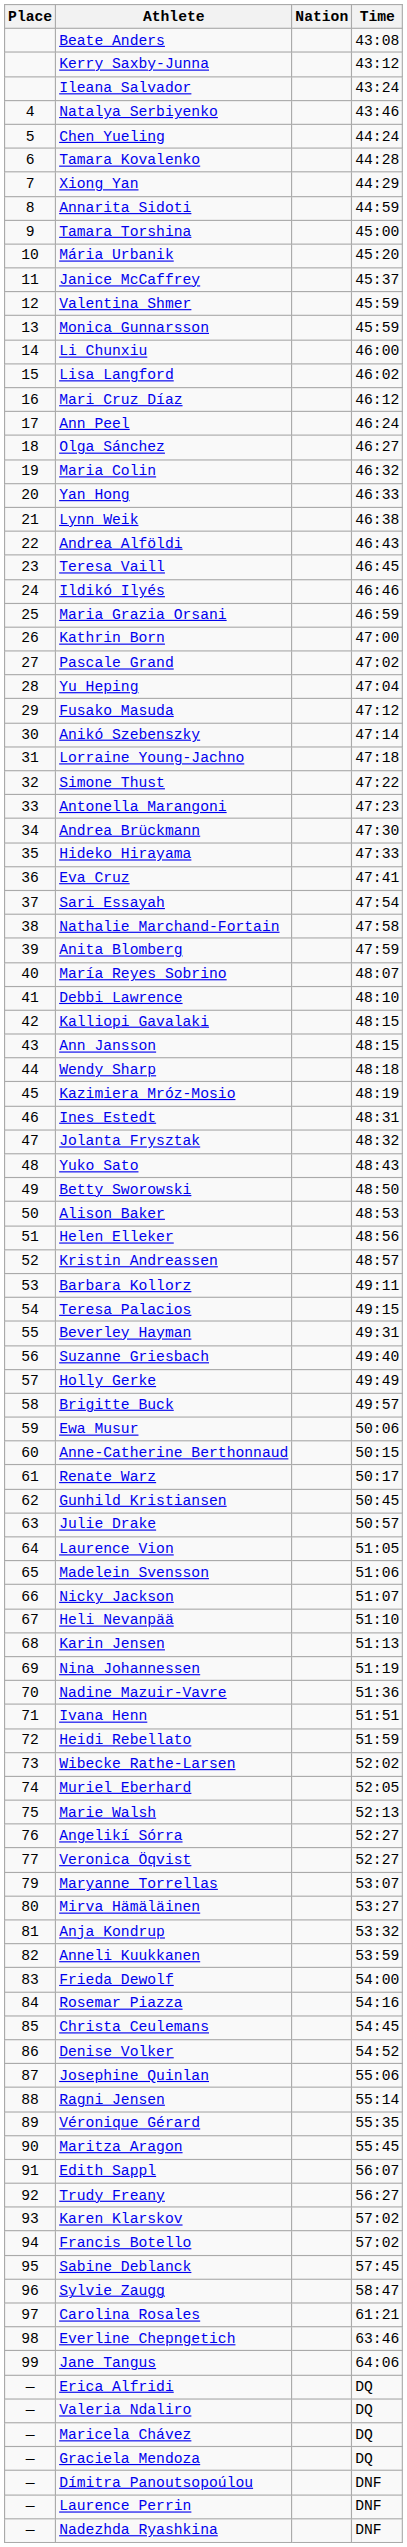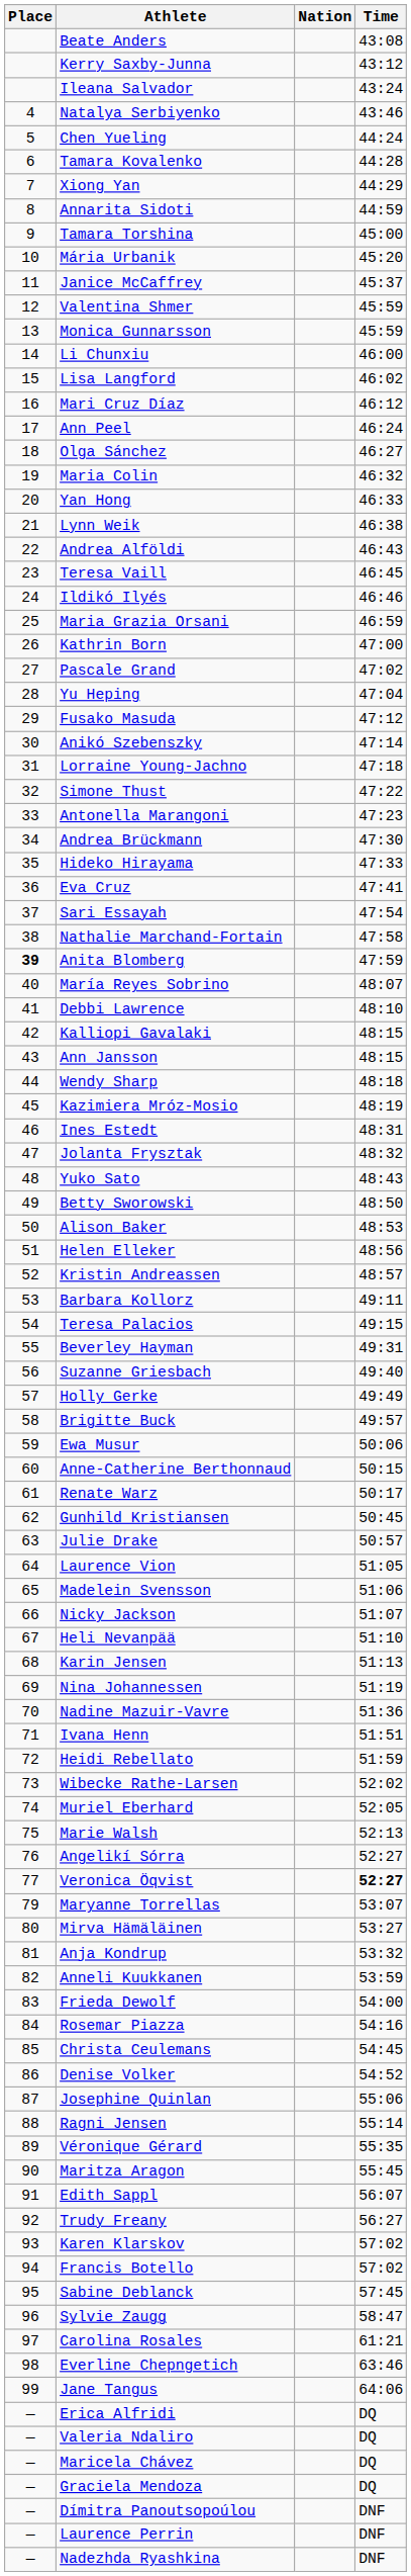 <table class="wikitable sortable">
 <tr>
 <th>Place</th>
 <th>Athlete</th>
 <th>Nation</th>
 <th>Time</th>
 </tr>
 <tr>
 <td align=center></td>
 <td><a href='#'>Beate Anders</a></td>
 <td></td>
 <td>43:08</td>
 </tr>
 <tr>
 <td align=center></td>
 <td><a href='#'>Kerry Saxby-Junna</a></td>
 <td></td>
 <td>43:12</td>
 </tr>
 <tr>
 <td align=center></td>
 <td><a href='#'>Ileana Salvador</a></td>
 <td></td>
 <td>43:24</td>
 </tr>
 <tr>
 <td align=center>4</td>
 <td><a href='#'>Natalya Serbiyenko</a></td>
 <td></td>
 <td>43:46</td>
 </tr>
 <tr>
 <td align=center>5</td>
 <td><a href='#'>Chen Yueling</a></td>
 <td></td>
 <td>44:24</td>
 </tr>
 <tr>
 <td align=center>6</td>
 <td><a href='#'>Tamara Kovalenko</a></td>
 <td></td>
 <td>44:28</td>
 </tr>
 <tr>
 <td align=center>7</td>
 <td><a href='#'>Xiong Yan</a></td>
 <td></td>
 <td>44:29</td>
 </tr>
 <tr>
 <td align=center>8</td>
 <td><a href='#'>Annarita Sidoti</a></td>
 <td></td>
 <td>44:59</td>
 </tr>
 <tr>
 <td align=center>9</td>
 <td><a href='#'>Tamara Torshina</a></td>
 <td></td>
 <td>45:00</td>
 </tr>
 <tr>
 <td align=center>10</td>
 <td><a href='#'>Mária Urbanik</a></td>
 <td></td>
 <td>45:20</td>
 </tr>
 <tr>
 <td align=center>11</td>
 <td><a href='#'>Janice McCaffrey</a></td>
 <td></td>
 <td>45:37</td>
 </tr>
 <tr>
 <td align=center>12</td>
 <td><a href='#'>Valentina Shmer</a></td>
 <td></td>
 <td>45:59</td>
 </tr>
 <tr>
 <td align=center>13</td>
 <td><a href='#'>Monica Gunnarsson</a></td>
 <td></td>
 <td>45:59</td>
 </tr>
 <tr>
 <td align=center>14</td>
 <td><a href='#'>Li Chunxiu</a></td>
 <td></td>
 <td>46:00</td>
 </tr>
 <tr>
 <td align=center>15</td>
 <td><a href='#'>Lisa Langford</a></td>
 <td></td>
 <td>46:02</td>
 </tr>
 <tr>
 <td align=center>16</td>
 <td><a href='#'>Mari Cruz Díaz</a></td>
 <td></td>
 <td>46:12</td>
 </tr>
 <tr>
 <td align=center>17</td>
 <td><a href='#'>Ann Peel</a></td>
 <td></td>
 <td>46:24</td>
 </tr>
 <tr>
 <td align=center>18</td>
 <td><a href='#'>Olga Sánchez</a></td>
 <td></td>
 <td>46:27</td>
 </tr>
 <tr>
 <td align=center>19</td>
 <td><a href='#'>Maria Colin</a></td>
 <td></td>
 <td>46:32</td>
 </tr>
 <tr>
 <td align=center>20</td>
 <td><a href='#'>Yan Hong</a></td>
 <td></td>
 <td>46:33</td>
 </tr>
 <tr>
 <td align=center>21</td>
 <td><a href='#'>Lynn Weik</a></td>
 <td></td>
 <td>46:38</td>
 </tr>
 <tr>
 <td align=center>22</td>
 <td><a href='#'>Andrea Alföldi</a></td>
 <td></td>
 <td>46:43</td>
 </tr>
 <tr>
 <td align=center>23</td>
 <td><a href='#'>Teresa Vaill</a></td>
 <td></td>
 <td>46:45</td>
 </tr>
 <tr>
 <td align=center>24</td>
 <td><a href='#'>Ildikó Ilyés</a></td>
 <td></td>
 <td>46:46</td>
 </tr>
 <tr>
 <td align=center>25</td>
 <td><a href='#'>Maria Grazia Orsani</a></td>
 <td></td>
 <td>46:59</td>
 </tr>
 <tr>
 <td align=center>26</td>
 <td><a href='#'>Kathrin Born</a></td>
 <td></td>
 <td>47:00</td>
 </tr>
 <tr>
 <td align=center>27</td>
 <td><a href='#'>Pascale Grand</a></td>
 <td></td>
 <td>47:02</td>
 </tr>
 <tr>
 <td align=center>28</td>
 <td><a href='#'>Yu Heping</a></td>
 <td></td>
 <td>47:04</td>
 </tr>
 <tr>
 <td align=center>29</td>
 <td><a href='#'>Fusako Masuda</a></td>
 <td></td>
 <td>47:12</td>
 </tr>
 <tr>
 <td align=center>30</td>
 <td><a href='#'>Anikó Szebenszky</a></td>
 <td></td>
 <td>47:14</td>
 </tr>
 <tr>
 <td align=center>31</td>
 <td><a href='#'>Lorraine Young-Jachno</a></td>
 <td></td>
 <td>47:18</td>
 </tr>
 <tr>
 <td align=center>32</td>
 <td><a href='#'>Simone Thust</a></td>
 <td></td>
 <td>47:22</td>
 </tr>
 <tr>
 <td align=center>33</td>
 <td><a href='#'>Antonella Marangoni</a></td>
 <td></td>
 <td>47:23</td>
 </tr>
 <tr>
 <td align=center>34</td>
 <td><a href='#'>Andrea Brückmann</a></td>
 <td></td>
 <td>47:30</td>
 </tr>
 <tr>
 <td align=center>35</td>
 <td><a href='#'>Hideko Hirayama</a></td>
 <td></td>
 <td>47:33</td>
 </tr>
 <tr>
 <td align=center>36</td>
 <td><a href='#'>Eva Cruz</a></td>
 <td></td>
 <td>47:41</td>
 </tr>
 <tr>
 <td align=center>37</td>
 <td><a href='#'>Sari Essayah</a></td>
 <td></td>
 <td>47:54</td>
 </tr>
 <tr>
 <td align=center>38</td>
 <td><a href='#'>Nathalie Marchand-Fortain</a></td>
 <td></td>
 <td>47:58</td>
 </tr>
 <tr>
-<td align=center>39</td>
+<td align=center><strong>39</strong></td>
 <td><a href='#'>Anita Blomberg</a></td>
 <td></td>
 <td>47:59</td>
 </tr>
 <tr>
 <td align=center>40</td>
 <td><a href='#'>María Reyes Sobrino</a></td>
 <td></td>
 <td>48:07</td>
 </tr>
 <tr>
 <td align=center>41</td>
 <td><a href='#'>Debbi Lawrence</a></td>
 <td></td>
 <td>48:10</td>
 </tr>
 <tr>
 <td align=center>42</td>
 <td><a href='#'>Kalliopi Gavalaki</a></td>
 <td></td>
 <td>48:15</td>
 </tr>
 <tr>
 <td align=center>43</td>
 <td><a href='#'>Ann Jansson</a></td>
 <td></td>
 <td>48:15</td>
 </tr>
 <tr>
 <td align=center>44</td>
 <td><a href='#'>Wendy Sharp</a></td>
 <td></td>
 <td>48:18</td>
 </tr>
 <tr>
 <td align=center>45</td>
 <td><a href='#'>Kazimiera Mróz-Mosio</a></td>
 <td></td>
 <td>48:19</td>
 </tr>
 <tr>
 <td align=center>46</td>
 <td><a href='#'>Ines Estedt</a></td>
 <td></td>
 <td>48:31</td>
 </tr>
 <tr>
 <td align=center>47</td>
 <td><a href='#'>Jolanta Frysztak</a></td>
 <td></td>
 <td>48:32</td>
 </tr>
 <tr>
 <td align=center>48</td>
 <td><a href='#'>Yuko Sato</a></td>
 <td></td>
 <td>48:43</td>
 </tr>
 <tr>
 <td align=center>49</td>
 <td><a href='#'>Betty Sworowski</a></td>
 <td></td>
 <td>48:50</td>
 </tr>
 <tr>
 <td align=center>50</td>
 <td><a href='#'>Alison Baker</a></td>
 <td></td>
 <td>48:53</td>
 </tr>
 <tr>
 <td align=center>51</td>
 <td><a href='#'>Helen Elleker</a></td>
 <td></td>
 <td>48:56</td>
 </tr>
 <tr>
 <td align=center>52</td>
 <td><a href='#'>Kristin Andreassen</a></td>
 <td></td>
 <td>48:57</td>
 </tr>
 <tr>
 <td align=center>53</td>
 <td><a href='#'>Barbara Kollorz</a></td>
 <td></td>
 <td>49:11</td>
 </tr>
 <tr>
 <td align=center>54</td>
 <td><a href='#'>Teresa Palacios</a></td>
 <td></td>
 <td>49:15</td>
 </tr>
 <tr>
 <td align=center>55</td>
 <td><a href='#'>Beverley Hayman</a></td>
 <td></td>
 <td>49:31</td>
 </tr>
 <tr>
 <td align=center>56</td>
 <td><a href='#'>Suzanne Griesbach</a></td>
 <td></td>
 <td>49:40</td>
 </tr>
 <tr>
 <td align=center>57</td>
 <td><a href='#'>Holly Gerke</a></td>
 <td></td>
 <td>49:49</td>
 </tr>
 <tr>
 <td align=center>58</td>
 <td><a href='#'>Brigitte Buck</a></td>
 <td></td>
 <td>49:57</td>
 </tr>
 <tr>
 <td align=center>59</td>
 <td><a href='#'>Ewa Musur</a></td>
 <td></td>
 <td>50:06</td>
 </tr>
 <tr>
 <td align=center>60</td>
 <td><a href='#'>Anne-Catherine Berthonnaud</a></td>
 <td></td>
 <td>50:15</td>
 </tr>
 <tr>
 <td align=center>61</td>
 <td><a href='#'>Renate Warz</a></td>
 <td></td>
 <td>50:17</td>
 </tr>
 <tr>
 <td align=center>62</td>
 <td><a href='#'>Gunhild Kristiansen</a></td>
 <td></td>
 <td>50:45</td>
 </tr>
 <tr>
 <td align=center>63</td>
 <td><a href='#'>Julie Drake</a></td>
 <td></td>
 <td>50:57</td>
 </tr>
 <tr>
 <td align=center>64</td>
 <td><a href='#'>Laurence Vion</a></td>
 <td></td>
 <td>51:05</td>
 </tr>
 <tr>
 <td align=center>65</td>
 <td><a href='#'>Madelein Svensson</a></td>
 <td></td>
 <td>51:06</td>
 </tr>
 <tr>
 <td align=center>66</td>
 <td><a href='#'>Nicky Jackson</a></td>
 <td></td>
 <td>51:07</td>
 </tr>
 <tr>
 <td align=center>67</td>
 <td><a href='#'>Heli Nevanpää</a></td>
 <td></td>
 <td>51:10</td>
 </tr>
 <tr>
 <td align=center>68</td>
 <td><a href='#'>Karin Jensen</a></td>
 <td></td>
 <td>51:13</td>
 </tr>
 <tr>
 <td align=center>69</td>
 <td><a href='#'>Nina Johannessen</a></td>
 <td></td>
 <td>51:19</td>
 </tr>
 <tr>
 <td align=center>70</td>
 <td><a href='#'>Nadine Mazuir-Vavre</a></td>
 <td></td>
 <td>51:36</td>
 </tr>
 <tr>
 <td align=center>71</td>
 <td><a href='#'>Ivana Henn</a></td>
 <td></td>
 <td>51:51</td>
 </tr>
 <tr>
 <td align=center>72</td>
 <td><a href='#'>Heidi Rebellato</a></td>
 <td></td>
 <td>51:59</td>
 </tr>
 <tr>
 <td align=center>73</td>
 <td><a href='#'>Wibecke Rathe-Larsen</a></td>
 <td></td>
 <td>52:02</td>
 </tr>
 <tr>
 <td align=center>74</td>
 <td><a href='#'>Muriel Eberhard</a></td>
 <td></td>
 <td>52:05</td>
 </tr>
 <tr>
 <td align=center>75</td>
 <td><a href='#'>Marie Walsh</a></td>
 <td></td>
 <td>52:13</td>
 </tr>
 <tr>
 <td align=center>76</td>
 <td><a href='#'>Angelikí Sórra</a></td>
 <td></td>
 <td>52:27</td>
 </tr>
 <tr>
 <td align=center>77</td>
 <td><a href='#'>Veronica Öqvist</a></td>
 <td></td>
-<td>52:27</td>
+<td><strong>52:27</strong></td>
 </tr>
 <tr>
 <td align=center>79</td>
 <td><a href='#'>Maryanne Torrellas</a></td>
 <td></td>
 <td>53:07</td>
 </tr>
 <tr>
 <td align=center>80</td>
 <td><a href='#'>Mirva Hämäläinen</a></td>
 <td></td>
 <td>53:27</td>
 </tr>
 <tr>
 <td align=center>81</td>
 <td><a href='#'>Anja Kondrup</a></td>
 <td></td>
 <td>53:32</td>
 </tr>
 <tr>
 <td align=center>82</td>
 <td><a href='#'>Anneli Kuukkanen</a></td>
 <td></td>
 <td>53:59</td>
 </tr>
 <tr>
 <td align=center>83</td>
 <td><a href='#'>Frieda Dewolf</a></td>
 <td></td>
 <td>54:00</td>
 </tr>
 <tr>
 <td align=center>84</td>
 <td><a href='#'>Rosemar Piazza</a></td>
 <td></td>
 <td>54:16</td>
 </tr>
 <tr>
 <td align=center>85</td>
 <td><a href='#'>Christa Ceulemans</a></td>
 <td></td>
 <td>54:45</td>
 </tr>
 <tr>
 <td align=center>86</td>
 <td><a href='#'>Denise Volker</a></td>
 <td></td>
 <td>54:52</td>
 </tr>
 <tr>
 <td align=center>87</td>
 <td><a href='#'>Josephine Quinlan</a></td>
 <td></td>
 <td>55:06</td>
 </tr>
 <tr>
 <td align=center>88</td>
 <td><a href='#'>Ragni Jensen</a></td>
 <td></td>
 <td>55:14</td>
 </tr>
 <tr>
 <td align=center>89</td>
 <td><a href='#'>Véronique Gérard</a></td>
 <td></td>
 <td>55:35</td>
 </tr>
 <tr>
 <td align=center>90</td>
 <td><a href='#'>Maritza Aragon</a></td>
 <td></td>
 <td>55:45</td>
 </tr>
 <tr>
 <td align=center>91</td>
 <td><a href='#'>Edith Sappl</a></td>
 <td></td>
 <td>56:07</td>
 </tr>
 <tr>
 <td align=center>92</td>
 <td><a href='#'>Trudy Freany</a></td>
 <td></td>
 <td>56:27</td>
 </tr>
 <tr>
 <td align=center>93</td>
 <td><a href='#'>Karen Klarskov</a></td>
 <td></td>
 <td>57:02</td>
 </tr>
 <tr>
 <td align=center>94</td>
 <td><a href='#'>Francis Botello</a></td>
 <td></td>
 <td>57:02</td>
 </tr>
 <tr>
 <td align=center>95</td>
 <td><a href='#'>Sabine Deblanck</a></td>
 <td></td>
 <td>57:45</td>
 </tr>
 <tr>
 <td align=center>96</td>
 <td><a href='#'>Sylvie Zaugg</a></td>
 <td></td>
 <td>58:47</td>
 </tr>
 <tr>
 <td align=center>97</td>
 <td><a href='#'>Carolina Rosales</a></td>
 <td></td>
 <td>61:21</td>
 </tr>
 <tr>
 <td align=center>98</td>
 <td><a href='#'>Everline Chepngetich</a></td>
 <td></td>
 <td>63:46</td>
 </tr>
 <tr>
 <td align=center>99</td>
 <td><a href='#'>Jane Tangus</a></td>
 <td></td>
 <td>64:06</td>
 </tr>
 <tr>
 <td align=center>—</td>
 <td><a href='#'>Erica Alfridi</a></td>
 <td></td>
 <td>DQ</td>
 </tr>
 <tr>
 <td align=center>—</td>
 <td><a href='#'>Valeria Ndaliro</a></td>
 <td></td>
 <td>DQ</td>
 </tr>
 <tr>
 <td align=center>—</td>
 <td><a href='#'>Maricela Chávez</a></td>
 <td></td>
 <td>DQ</td>
 </tr>
 <tr>
 <td align=center>—</td>
 <td><a href='#'>Graciela Mendoza</a></td>
 <td></td>
 <td>DQ</td>
 </tr>
 <tr>
 <td align=center>—</td>
 <td><a href='#'>Dímitra Panoutsopoúlou</a></td>
 <td></td>
 <td>DNF</td>
 </tr>
 <tr>
 <td align=center>—</td>
 <td><a href='#'>Laurence Perrin</a></td>
 <td></td>
 <td>DNF</td>
 </tr>
 <tr>
 <td align=center>—</td>
 <td><a href='#'>Nadezhda Ryashkina</a></td>
 <td></td>
 <td>DNF</td>
 </tr>
 </table>
